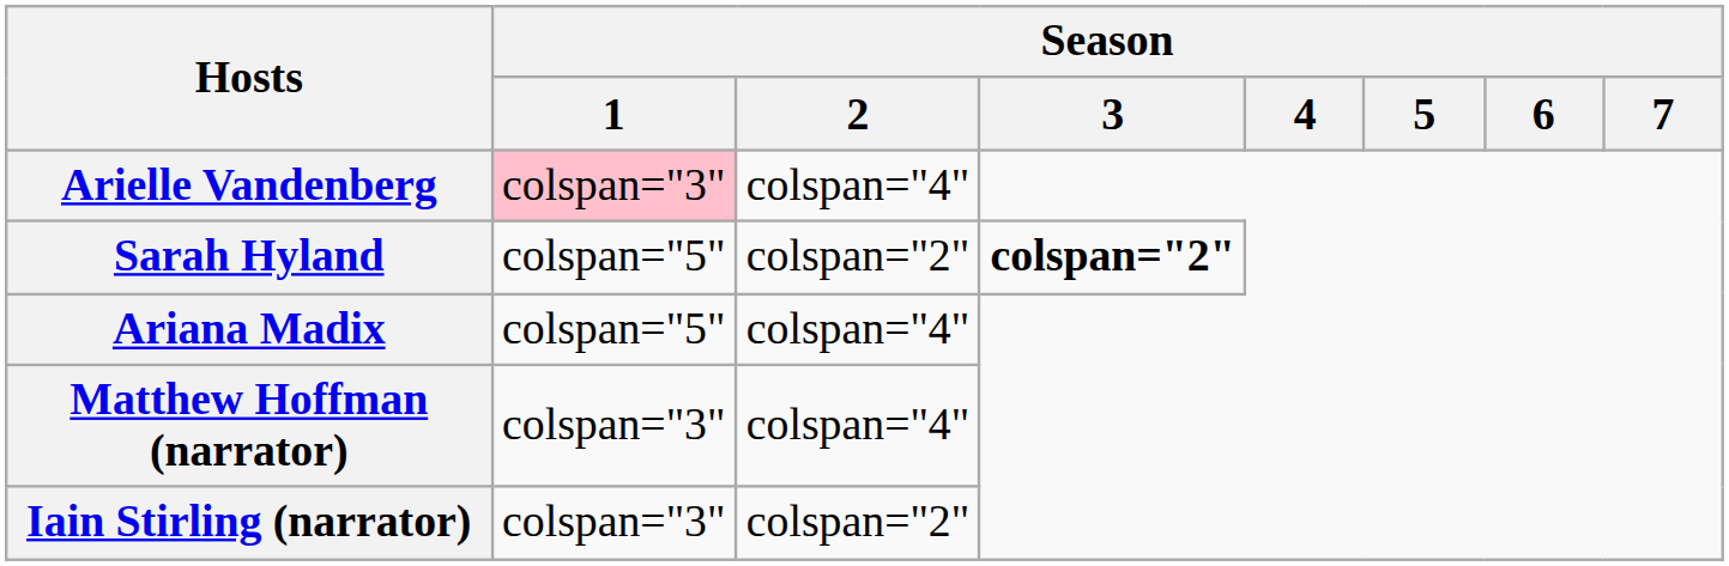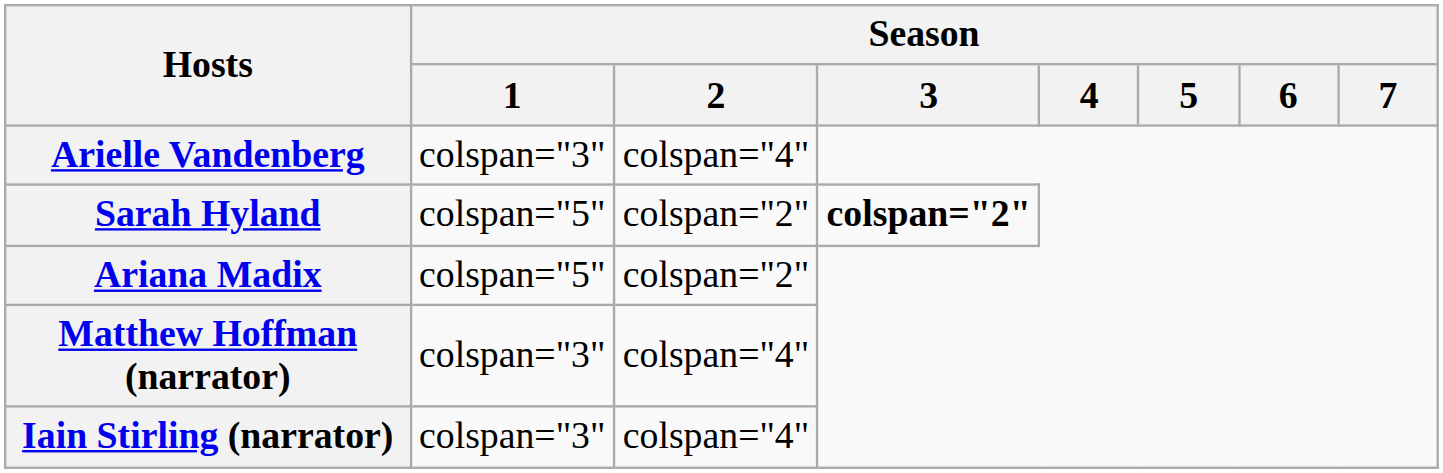 <table class="wikitable plainrowheaders">
 <tr>
 <th rowspan="2" style="width:180px">Hosts</th>
 <th colspan="7">Season</th>
 </tr>
 <tr>
 <th style="width:40px">1</th>
 <th style="width:40px">2</th>
 <th style="width:40px">3</th>
 <th style="width:40px">4</th>
 <th style="width:40px">5</th>
 <th style="width:40px">6</th>
 <th style="width:40px">7</th>
 </tr>
 <tr>
 <th scope="row"><a href='#'>Arielle Vandenberg</a></th>
-<td style="background: pink;">colspan="3" </td>
+<td>colspan="3" </td>
 <td>colspan="4" </td>
 </tr>
 <tr>
 <th scope="row"><a href='#'>Sarah Hyland</a></th>
 <td>colspan="5" </td>
 <td>colspan="2" </td>
 <td><strong>colspan="2" </strong></td>
 </tr>
 <tr>
 <th scope="row"><a href='#'>Ariana Madix</a></th>
 <td>colspan="5" </td>
-<td>colspan="4" </td>
+<td>colspan="2" </td>
 </tr>
 <tr>
 <th scope="row"><a href='#'>Matthew Hoffman</a> (narrator)</th>
 <td>colspan="3" </td>
 <td>colspan="4" </td>
 </tr>
 <tr>
 <th scope="row"><a href='#'>Iain Stirling</a> (narrator)</th>
 <td>colspan="3" </td>
-<td>colspan="2" </td>
+<td>colspan="4" </td>
 </tr>
 </table>
